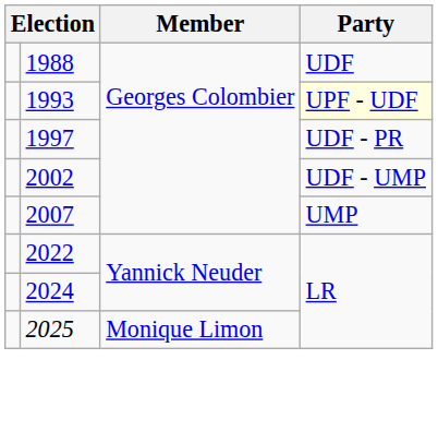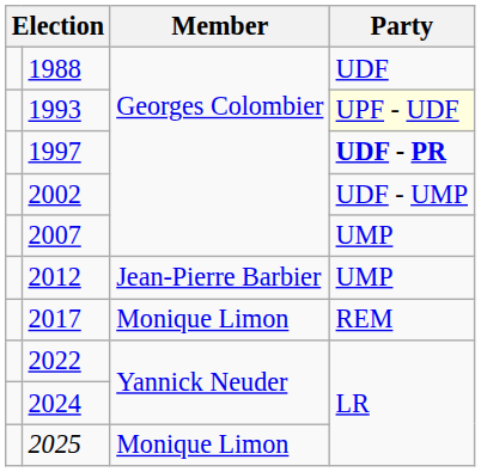 <table class="wikitable">
 <tr>
 <th colspan="2">Election</th>
 <th>Member</th>
 <th>Party</th>
 </tr>
 <tr>
 <td style="color:inherit;background-color:"></td>
 <td><a href='#'>1988</a></td>
 <td rowspan="5"><a href='#'>Georges Colombier</a><br><br><br><br></td>
 <td><a href='#'>UDF</a></td>
 </tr>
 <tr>
 <td style="color:inherit;background-color:"></td>
 <td><a href='#'>1993</a></td>
 <td style="background: lightyellow;"><a href='#'>UPF</a> - <a href='#'>UDF</a></td>
 </tr>
 <tr>
 <td style="color:inherit;background-color:"></td>
 <td><a href='#'>1997</a></td>
-<td><a href='#'>UDF</a> - <a href='#'>PR</a></td>
+<td><strong><a href='#'>UDF</a> - <a href='#'>PR</a></strong></td>
 </tr>
 <tr>
 <td style="color:inherit;background-color:"></td>
 <td><a href='#'>2002</a></td>
 <td><a href='#'>UDF</a> - <a href='#'>UMP</a></td>
 </tr>
 <tr>
 <td style="color:inherit;background-color:"></td>
 <td><a href='#'>2007</a></td>
 <td><a href='#'>UMP</a></td>
+</tr>
+<tr>
+<td style="color:inherit;background-color:"></td>
+<td><a href='#'>2012</a></td>
+<td><a href='#'>Jean-Pierre Barbier</a></td>
+<td><a href='#'>UMP</a></td>
+</tr>
+<tr>
+<td style="color:inherit;background-color: "></td>
+<td><a href='#'>2017</a></td>
+<td><a href='#'>Monique Limon</a></td>
+<td><a href='#'>REM</a></td>
 </tr>
 <tr>
 <td style="color:inherit;background-color: "></td>
 <td><a href='#'>2022</a></td>
 <td rowspan="2"><a href='#'>Yannick Neuder</a></td>
 <td rowspan="3"><a href='#'>LR</a></td>
 </tr>
 <tr>
 <td style="color:inherit;background-color: "></td>
 <td><a href='#'>2024</a></td>
 </tr>
 <tr>
 <td style="color:inherit;background-color: "></td>
 <td><em>2025</em></td>
 <td><a href='#'>Monique Limon</a></td>
 </tr>
 </table>
